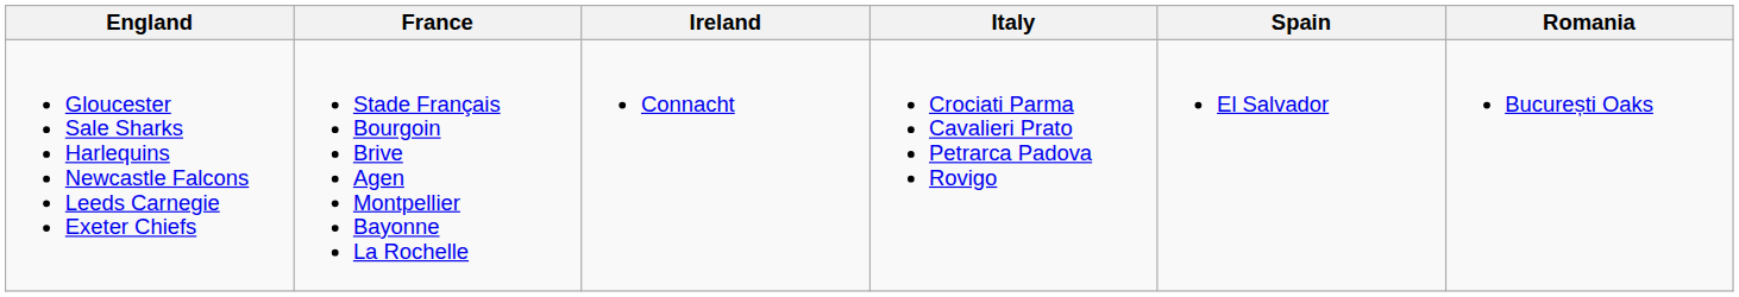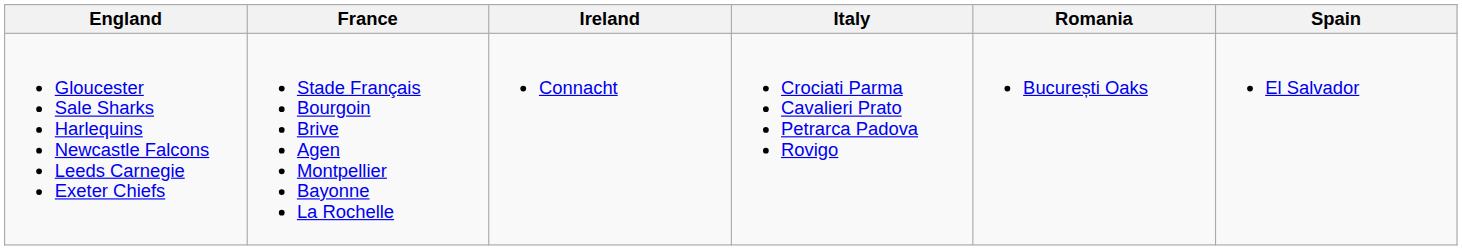 <table class="wikitable" width=100%>
 <tr>
 <th width=16%>England</th>
 <th width=16%>France</th>
 <th width=16%>Ireland</th>
 <th width=16%>Italy</th>
+<th width=16%>Romania</th>
 <th width=16%>Spain</th>
-<th width=16%>Romania</th>
 </tr>
 <tr valign=top>
 <td><br><ul><li><a href='#'>Gloucester</a></li><li><a href='#'>Sale Sharks</a></li><li><a href='#'>Harlequins</a></li><li><a href='#'>Newcastle Falcons</a></li><li><a href='#'>Leeds Carnegie</a></li><li><a href='#'>Exeter Chiefs</a></li></ul></td>
 <td><br><ul><li><a href='#'>Stade Français</a></li><li><a href='#'>Bourgoin</a></li><li><a href='#'>Brive</a></li><li><a href='#'>Agen</a></li><li><a href='#'>Montpellier</a></li><li><a href='#'>Bayonne</a></li><li><a href='#'>La Rochelle</a></li></ul></td>
 <td><br><ul><li><a href='#'>Connacht</a></li></ul></td>
 <td><br><ul><li><a href='#'>Crociati Parma</a></li><li><a href='#'>Cavalieri Prato</a></li><li><a href='#'>Petrarca Padova</a></li><li><a href='#'>Rovigo</a></li></ul></td>
+<td><br><ul><li><a href='#'>București Oaks</a></li></ul></td>
 <td><br><ul><li><a href='#'>El Salvador</a></li></ul></td>
-<td><br><ul><li><a href='#'>București Oaks</a></li></ul></td>
 </tr>
 </table>
